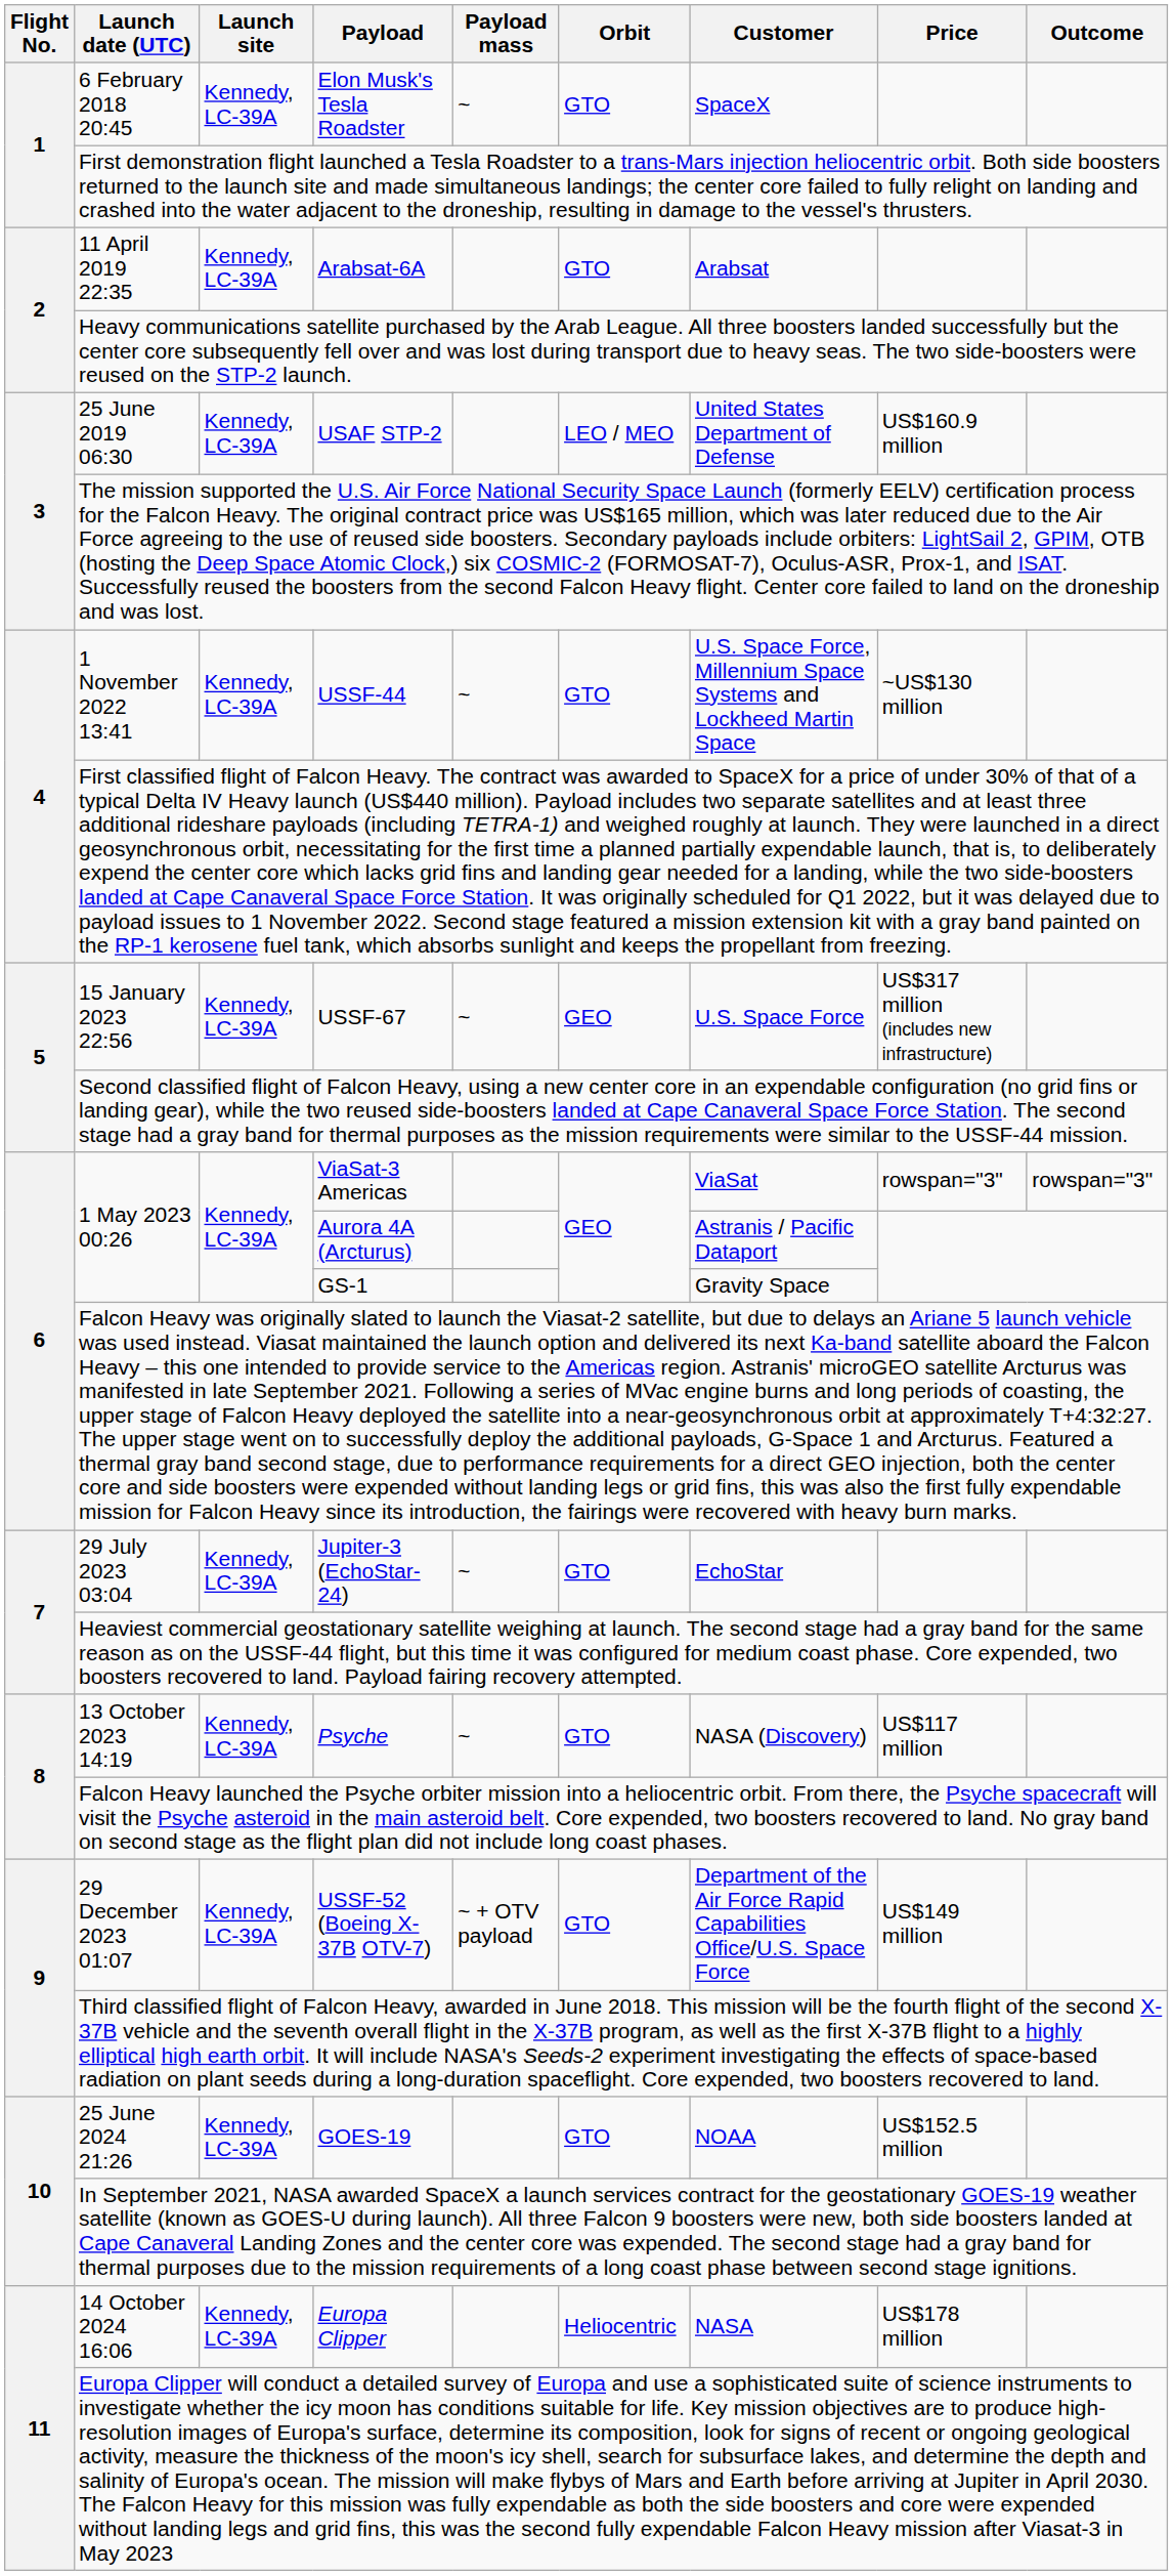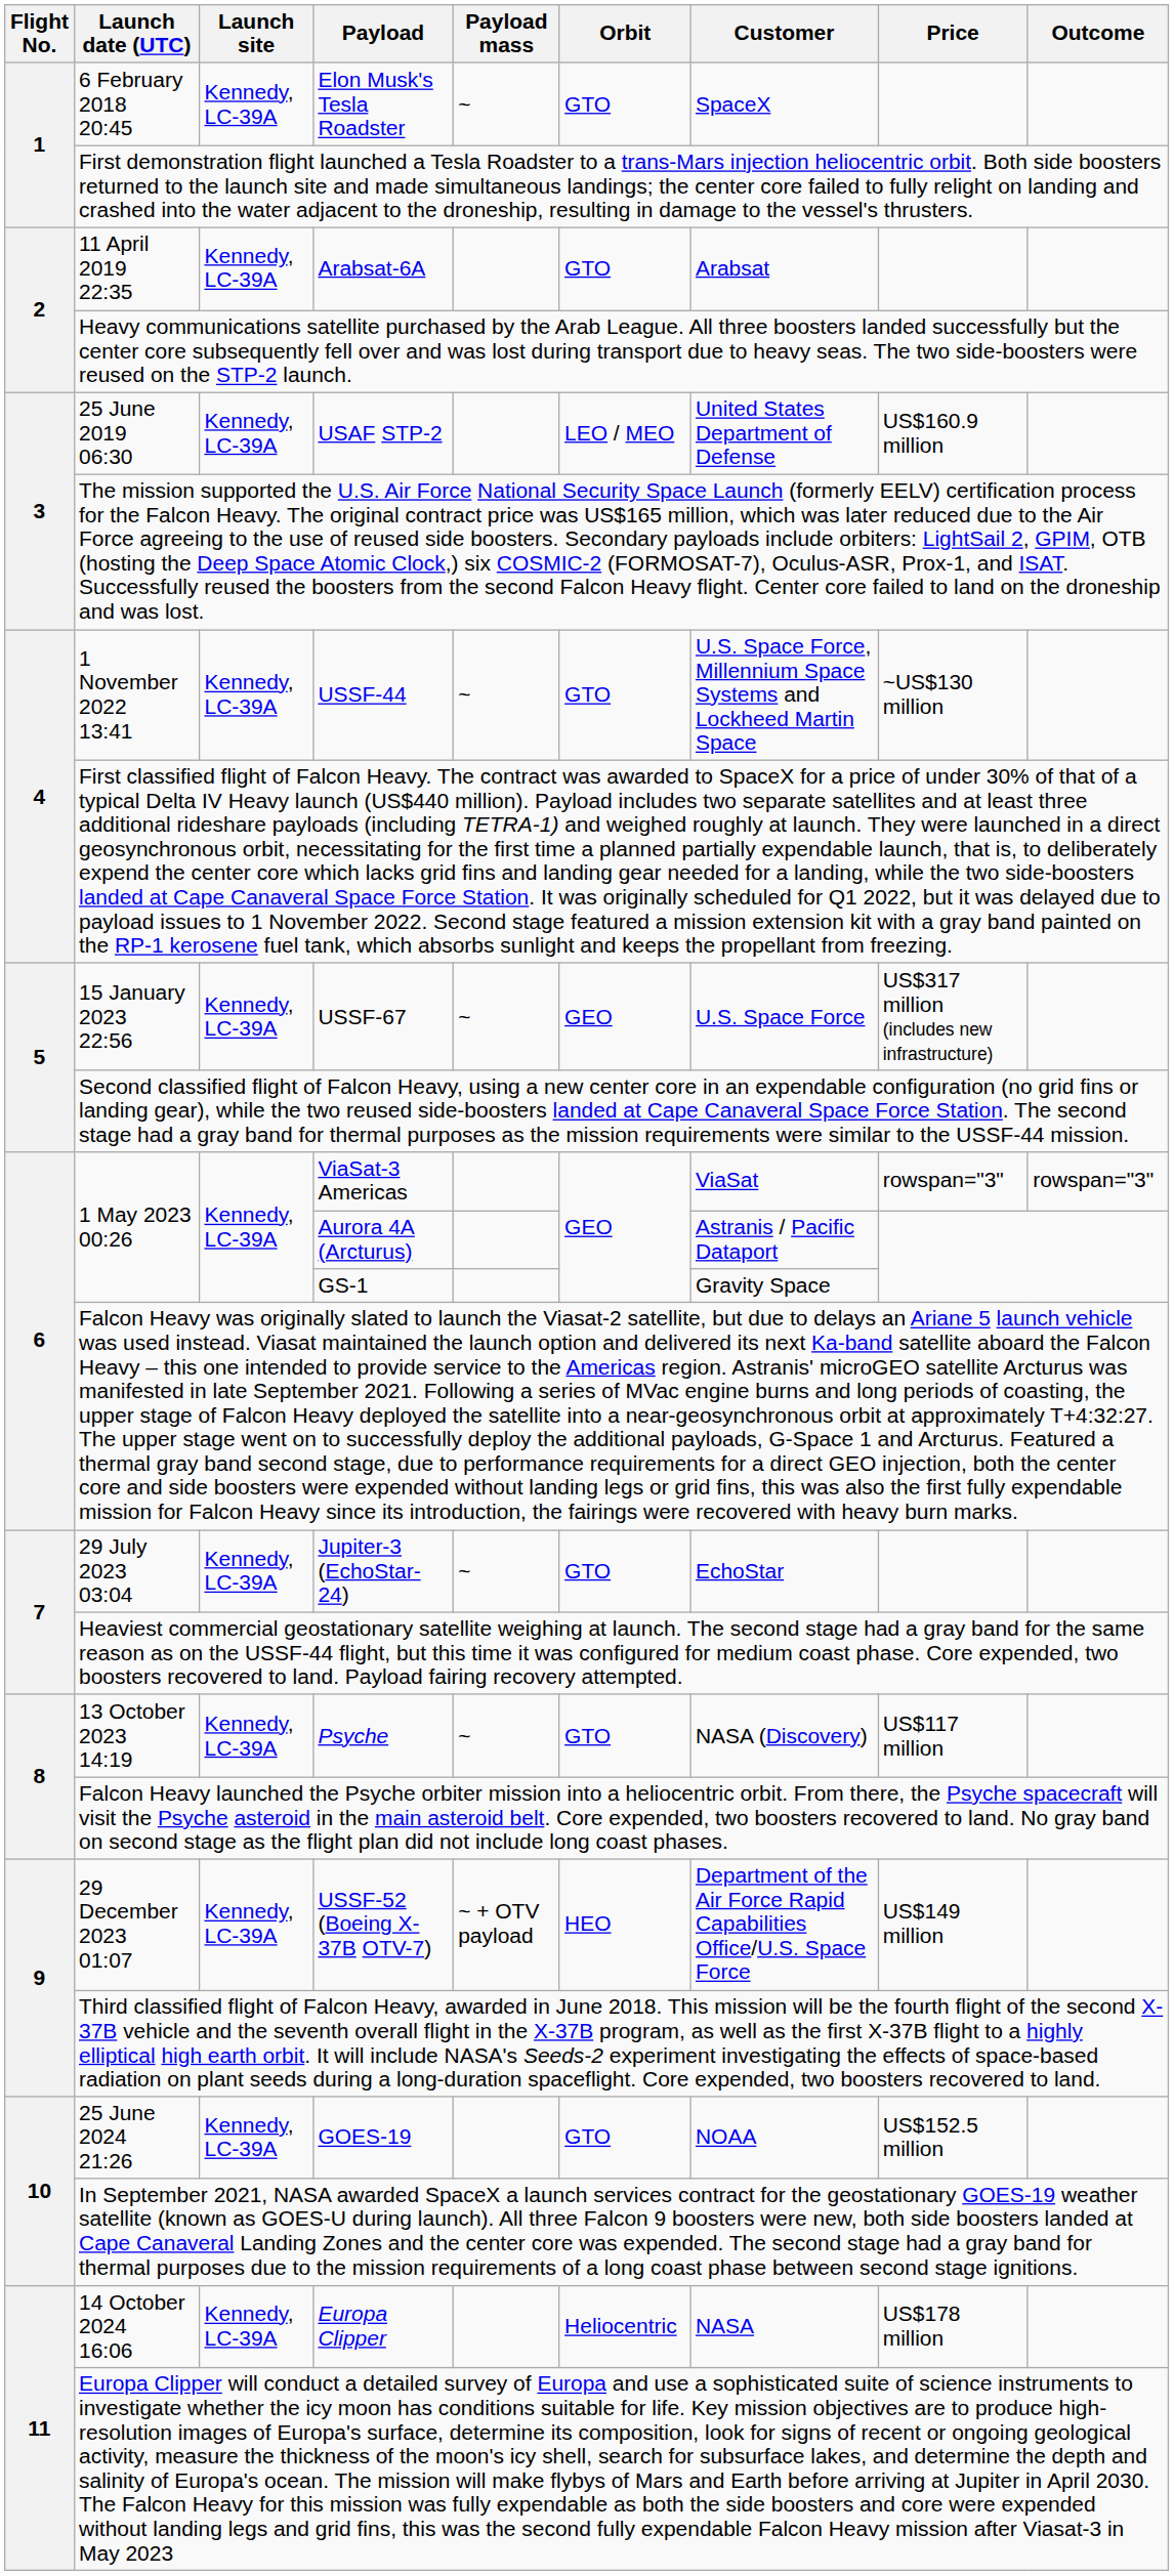 <table class="wikitable sticky-header">
 <tr>
 <th>Flight No.</th>
 <th>Launch date (<a href='#'>UTC</a>)</th>
 <th>Launch site</th>
 <th>Payload</th>
 <th>Payload mass</th>
 <th>Orbit</th>
 <th>Customer</th>
 <th>Price</th>
 <th>Outcome</th>
 </tr>
 <tr>
 <th rowspan=2>1</th>
 <td>6 February 2018<br>20:45</td>
 <td><a href='#'>Kennedy</a>, <a href='#'>LC-39A</a></td>
 <td><a href='#'>Elon Musk's Tesla Roadster</a></td>
 <td>~</td>
 <td><a href='#'>GTO</a></td>
 <td><a href='#'>SpaceX</a></td>
 <td></td>
 <td></td>
 </tr>
 <tr>
 <td colspan="8">First demonstration flight launched a Tesla Roadster to a <a href='#'>trans-Mars injection heliocentric orbit</a>. Both side boosters returned to the launch site and made simultaneous landings; the center core failed to fully relight on landing and crashed into the water adjacent to the droneship, resulting in damage to the vessel's thrusters.</td>
 </tr>
 <tr>
 <th rowspan=2>2</th>
 <td>11 April 2019<br>22:35</td>
 <td><a href='#'>Kennedy</a>, <a href='#'>LC-39A</a></td>
 <td><a href='#'>Arabsat-6A</a></td>
 <td></td>
 <td><a href='#'>GTO</a></td>
 <td><a href='#'>Arabsat</a></td>
 <td></td>
 <td></td>
 </tr>
 <tr>
 <td colspan="8">Heavy communications satellite purchased by the Arab League. All three boosters landed successfully but the center core subsequently fell over and was lost during transport due to heavy seas. The two side-boosters were reused on the <a href='#'>STP-2</a> launch.</td>
 </tr>
 <tr>
 <th rowspan=2>3</th>
 <td>25 June 2019<br>06:30</td>
 <td><a href='#'>Kennedy</a>, <a href='#'>LC-39A</a></td>
 <td><a href='#'>USAF</a> <a href='#'>STP-2</a></td>
 <td></td>
 <td><a href='#'>LEO</a> / <a href='#'>MEO</a></td>
 <td><a href='#'>United States Department of Defense</a></td>
 <td>US$160.9 million</td>
 <td></td>
 </tr>
 <tr>
 <td colspan="8">The mission supported the <a href='#'>U.S. Air Force</a> <a href='#'>National Security Space Launch</a> (formerly EELV) certification process for the Falcon Heavy. The original contract price was US$165 million, which was later reduced due to the Air Force agreeing to the use of reused side boosters. Secondary payloads include orbiters: <a href='#'>LightSail 2</a>, <a href='#'>GPIM</a>, OTB (hosting the <a href='#'>Deep Space Atomic Clock</a>,) six <a href='#'>COSMIC-2</a> (FORMOSAT-7), Oculus-ASR, Prox-1, and <a href='#'>ISAT</a>. Successfully reused the boosters from the second Falcon Heavy flight. Center core failed to land on the droneship and was lost.</td>
 </tr>
 <tr>
 <th rowspan=2>4</th>
 <td>1 November 2022<br>13:41</td>
 <td><a href='#'>Kennedy</a>, <a href='#'>LC-39A</a></td>
 <td><a href='#'>USSF-44</a></td>
 <td>~</td>
 <td><a href='#'>GTO</a></td>
 <td><a href='#'>U.S. Space Force</a>, <a href='#'>Millennium Space Systems</a> and <a href='#'>Lockheed Martin Space</a></td>
 <td>~US$130 million</td>
 <td></td>
 </tr>
 <tr>
 <td colspan="8">First classified flight of Falcon Heavy. The contract was awarded to SpaceX for a price of under 30% of that of a typical Delta IV Heavy launch (US$440 million). Payload includes two separate satellites and at least three additional rideshare payloads (including <em>TETRA-1)</em> and weighed roughly  at launch. They were launched in a direct geosynchronous orbit, necessitating for the first time a planned partially expendable launch, that is, to deliberately expend the center core which lacks grid fins and landing gear needed for a landing, while the two side-boosters <a href='#'>landed at Cape Canaveral Space Force Station</a>. It was originally scheduled for Q1 2022, but it was delayed due to payload issues to 1 November 2022. Second stage featured a mission extension kit with a gray band painted on the <a href='#'>RP-1 kerosene</a> fuel tank, which absorbs sunlight and keeps the propellant from freezing.</td>
 </tr>
 <tr>
 <th rowspan=2>5</th>
 <td>15 January 2023<br>22:56</td>
 <td><a href='#'>Kennedy</a>, <a href='#'>LC-39A</a></td>
 <td>USSF-67</td>
 <td>~</td>
 <td><a href='#'>GEO</a></td>
 <td><a href='#'>U.S. Space Force</a></td>
 <td>US$317 million<br><small>(includes new infrastructure)</small></td>
 <td></td>
 </tr>
 <tr>
 <td colspan="8">Second classified flight of Falcon Heavy, using a new center core in an expendable configuration (no grid fins or landing gear), while the two reused side-boosters <a href='#'>landed at Cape Canaveral Space Force Station</a>. The second stage had a gray band for thermal purposes as the mission requirements were similar to the USSF-44 mission.</td>
 </tr>
 <tr>
 <th rowspan=4>6</th>
 <td rowspan=3>1 May 2023<br>00:26</td>
 <td rowspan="3"><a href='#'>Kennedy</a>, <a href='#'>LC-39A</a></td>
 <td><a href='#'>ViaSat-3</a> Americas<br></td>
 <td></td>
 <td rowspan="3"><a href='#'>GEO</a></td>
 <td><a href='#'>ViaSat</a></td>
 <td>rowspan="3" </td>
 <td>rowspan="3" </td>
 </tr>
 <tr>
 <td><a href='#'>Aurora 4A (Arcturus)</a></td>
 <td></td>
 <td><a href='#'>Astranis</a> / <a href='#'>Pacific Dataport</a></td>
 </tr>
 <tr>
 <td>GS-1</td>
 <td></td>
 <td>Gravity Space</td>
 </tr>
 <tr>
 <td colspan="8">Falcon Heavy was originally slated to launch the Viasat-2 satellite, but due to delays an <a href='#'>Ariane 5</a> <a href='#'>launch vehicle</a> was used instead. Viasat maintained the launch option and delivered its next <a href='#'>Ka-band</a> satellite aboard the Falcon Heavy – this one intended to provide service to the <a href='#'>Americas</a> region. Astranis' microGEO satellite Arcturus was manifested in late September 2021. Following a series of MVac engine burns and long periods of coasting, the upper stage of Falcon Heavy deployed the satellite into a near-geosynchronous orbit at approximately T+4:32:27. The upper stage went on to successfully deploy the additional payloads, G-Space 1 and Arcturus. Featured a thermal gray band second stage, due to performance requirements for a direct GEO injection, both the center core and side boosters were expended without landing legs or grid fins, this was also the first fully expendable mission for Falcon Heavy since its introduction, the fairings were recovered with heavy burn marks.</td>
 </tr>
 <tr>
 <th rowspan=2>7</th>
 <td>29 July 2023<br>03:04</td>
 <td><a href='#'>Kennedy</a>, <a href='#'>LC-39A</a></td>
 <td><a href='#'>Jupiter-3</a> (<a href='#'>EchoStar-24</a>)</td>
 <td>~</td>
 <td><a href='#'>GTO</a></td>
 <td><a href='#'>EchoStar</a></td>
 <td></td>
 <td></td>
 </tr>
 <tr>
 <td colspan="8">Heaviest commercial geostationary satellite weighing  at launch. The second stage had a gray band for the same reason as on the USSF-44 flight, but this time it was configured for medium coast phase. Core expended, two boosters recovered to land. Payload fairing recovery attempted.</td>
 </tr>
 <tr>
 <th rowspan=2>8</th>
 <td>13 October 2023<br>14:19</td>
 <td><a href='#'>Kennedy</a>, <a href='#'>LC-39A</a></td>
 <td><em><a href='#'>Psyche</a></em></td>
 <td>~</td>
 <td><a href='#'>GTO</a></td>
 <td>NASA (<a href='#'>Discovery</a>)</td>
 <td>US$117 million</td>
 <td></td>
 </tr>
 <tr>
 <td colspan="8">Falcon Heavy launched the  Psyche orbiter mission into a heliocentric orbit. From there, the <a href='#'>Psyche spacecraft</a> will visit the <a href='#'>Psyche</a> <a href='#'>asteroid</a> in the <a href='#'>main asteroid belt</a>. Core expended, two boosters recovered to land. No gray band on second stage as the flight plan did not include long coast phases.</td>
 </tr>
 <tr>
 <th rowspan=2>9</th>
 <td>29 December 2023<br>01:07</td>
 <td><a href='#'>Kennedy</a>, <a href='#'>LC-39A</a></td>
 <td><a href='#'>USSF-52</a> (<a href='#'>Boeing X-37B</a> <a href='#'>OTV-7</a>)</td>
 <td>~ + OTV payload</td>
-<td><a href='#'>GTO</a></td>
+<td><a href='#'>HEO</a></td>
 <td><a href='#'>Department of the Air Force Rapid Capabilities Office</a>/<a href='#'>U.S. Space Force</a></td>
 <td>US$149 million</td>
 <td></td>
 </tr>
 <tr>
 <td colspan="8">Third classified flight of Falcon Heavy, awarded in June 2018. This mission will be the fourth flight of the second <a href='#'>X-37B</a> vehicle and the seventh overall flight in the <a href='#'>X-37B</a> program, as well as the first X-37B flight to a <a href='#'>highly elliptical</a> <a href='#'>high earth orbit</a>. It will include NASA's <em>Seeds-2</em> experiment investigating the effects of space-based radiation on plant seeds during a long-duration spaceflight. Core expended, two boosters recovered to land.</td>
 </tr>
 <tr>
 <th rowspan=2>10</th>
 <td>25 June 2024<br>21:26</td>
 <td><a href='#'>Kennedy</a>, <a href='#'>LC-39A</a></td>
 <td><a href='#'>GOES-19</a></td>
 <td></td>
 <td><a href='#'>GTO</a></td>
 <td><a href='#'>NOAA</a></td>
 <td>US$152.5 million</td>
 <td></td>
 </tr>
 <tr>
 <td colspan="8">In September 2021, NASA awarded SpaceX a launch services contract for the geostationary <a href='#'>GOES-19</a> weather satellite (known as GOES-U during launch). All three Falcon 9 boosters were new, both side boosters landed at <a href='#'>Cape Canaveral</a> Landing Zones and the center core was expended. The second stage had a gray band for thermal purposes due to the mission requirements of a long coast phase between second stage ignitions.</td>
 </tr>
 <tr>
 <th rowspan=2>11</th>
 <td>14 October 2024<br>16:06</td>
 <td><a href='#'>Kennedy</a>, <a href='#'>LC-39A</a></td>
 <td><em><a href='#'>Europa Clipper</a></em></td>
 <td></td>
 <td><a href='#'>Heliocentric</a></td>
 <td><a href='#'>NASA</a></td>
 <td>US$178 million</td>
 <td></td>
 </tr>
 <tr>
 <td colspan="8"><a href='#'>Europa Clipper</a> will conduct a detailed survey of <a href='#'>Europa</a> and use a sophisticated suite of science instruments to investigate whether the icy moon has conditions suitable for life. Key mission objectives are to produce high-resolution images of Europa's surface, determine its composition, look for signs of recent or ongoing geological activity, measure the thickness of the moon's icy shell, search for subsurface lakes, and determine the depth and salinity of Europa's ocean. The mission will make flybys of Mars and Earth before arriving at Jupiter in April 2030. The Falcon Heavy for this mission was fully expendable as both the side boosters and core were expended without landing legs and grid fins, this was the second fully expendable Falcon Heavy mission after Viasat-3 in May 2023</td>
 </tr>
 </table>
